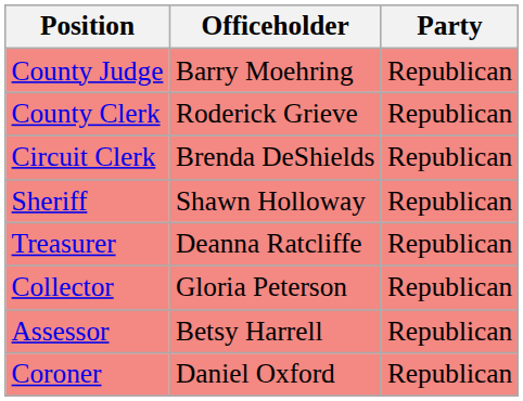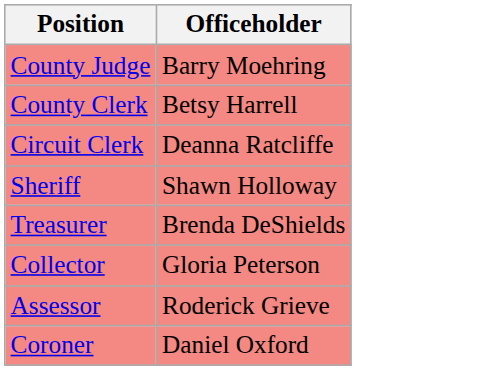 <table class="wikitable mw-collapsible">
 <tr>
 <th>Position</th>
 <th>Officeholder</th>
-<th>Party</th>
 </tr>
 <tr style="background-color:#F48882;">
 <td><a href='#'>County Judge</a></td>
 <td>Barry Moehring</td>
-<td>Republican</td>
 </tr>
 <tr style="background-color:#F48882;">
 <td><a href='#'>County Clerk</a></td>
-<td>Roderick Grieve</td>
-<td>Republican</td>
+<td>Betsy Harrell</td>
 </tr>
 <tr style="background-color:#F48882;">
 <td><a href='#'>Circuit Clerk</a></td>
-<td>Brenda DeShields</td>
-<td>Republican</td>
+<td>Deanna Ratcliffe</td>
 </tr>
 <tr style="background-color:#F48882;">
 <td><a href='#'>Sheriff</a></td>
 <td>Shawn Holloway</td>
-<td>Republican</td>
 </tr>
 <tr style="background-color:#F48882;">
 <td><a href='#'>Treasurer</a></td>
-<td>Deanna Ratcliffe</td>
-<td>Republican</td>
+<td>Brenda DeShields</td>
 </tr>
 <tr style="background-color:#F48882;">
 <td><a href='#'>Collector</a></td>
 <td>Gloria Peterson</td>
-<td>Republican</td>
 </tr>
 <tr style="background-color:#F48882;">
 <td><a href='#'>Assessor</a></td>
-<td>Betsy Harrell</td>
-<td>Republican</td>
+<td>Roderick Grieve</td>
 </tr>
 <tr style="background-color:#F48882;">
 <td><a href='#'>Coroner</a></td>
 <td>Daniel Oxford</td>
-<td>Republican</td>
 </tr>
 </table>
